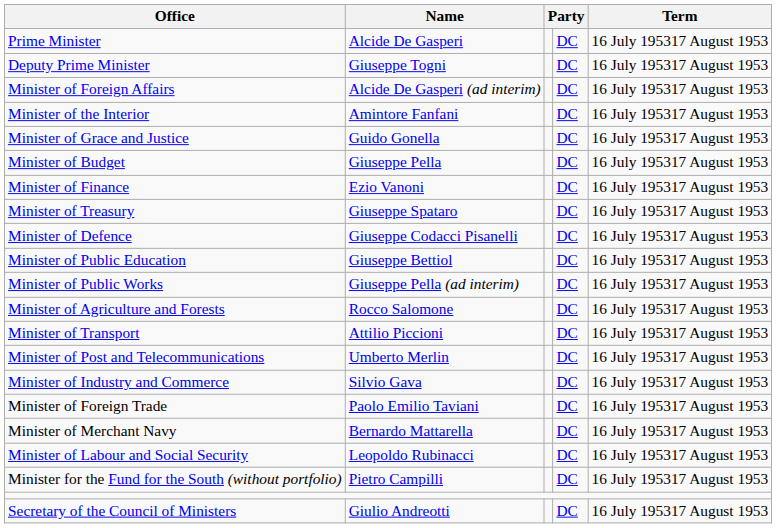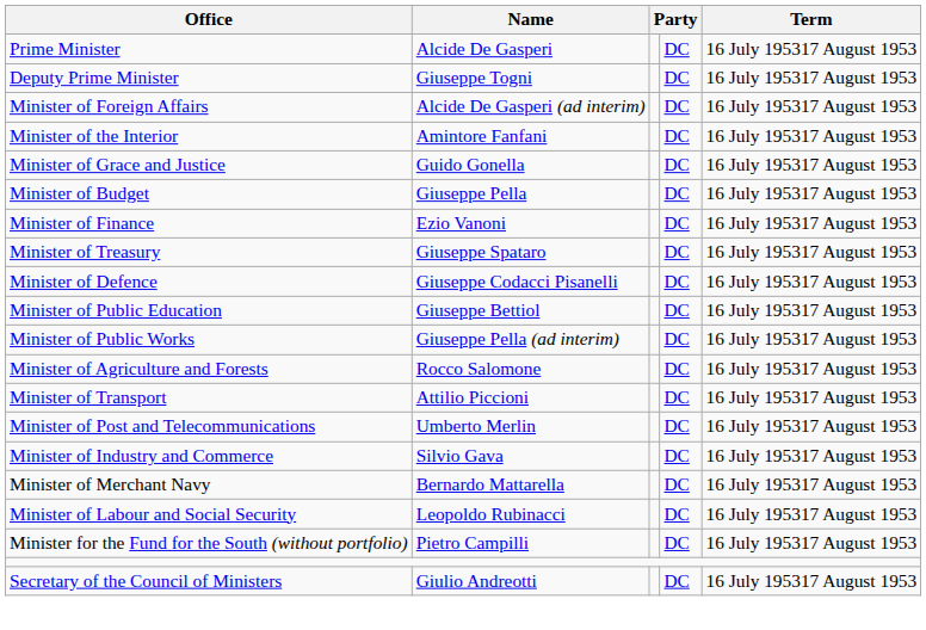 <table class="wikitable">
 <tr>
 <th>Office</th>
 <th>Name</th>
 <th colspan=2>Party</th>
 <th>Term</th>
 </tr>
 <tr>
 <td><a href='#'>Prime Minister</a></td>
 <td><a href='#'>Alcide De Gasperi</a></td>
 <td></td>
 <td><a href='#'>DC</a></td>
 <td>16 July 195317 August 1953</td>
 </tr>
 <tr>
 <td><a href='#'>Deputy Prime Minister</a></td>
 <td><a href='#'>Giuseppe Togni</a></td>
 <td></td>
 <td><a href='#'>DC</a></td>
 <td>16 July 195317 August 1953</td>
 </tr>
 <tr>
 <td><a href='#'>Minister of Foreign Affairs</a></td>
 <td><a href='#'>Alcide De Gasperi</a> <em>(ad interim)</em></td>
 <td></td>
 <td><a href='#'>DC</a></td>
 <td>16 July 195317 August 1953</td>
 </tr>
 <tr>
 <td><a href='#'>Minister of the Interior</a></td>
 <td><a href='#'>Amintore Fanfani</a></td>
 <td></td>
 <td><a href='#'>DC</a></td>
 <td>16 July 195317 August 1953</td>
 </tr>
 <tr>
 <td><a href='#'>Minister of Grace and Justice</a></td>
 <td><a href='#'>Guido Gonella</a></td>
 <td></td>
 <td><a href='#'>DC</a></td>
 <td>16 July 195317 August 1953</td>
 </tr>
 <tr>
 <td><a href='#'>Minister of Budget</a></td>
 <td><a href='#'>Giuseppe Pella</a></td>
 <td></td>
 <td><a href='#'>DC</a></td>
 <td>16 July 195317 August 1953</td>
 </tr>
 <tr>
 <td><a href='#'>Minister of Finance</a></td>
 <td><a href='#'>Ezio Vanoni</a></td>
 <td></td>
 <td><a href='#'>DC</a></td>
 <td>16 July 195317 August 1953</td>
 </tr>
 <tr>
 <td><a href='#'>Minister of Treasury</a></td>
 <td><a href='#'>Giuseppe Spataro</a></td>
 <td></td>
 <td><a href='#'>DC</a></td>
 <td>16 July 195317 August 1953</td>
 </tr>
 <tr>
 <td><a href='#'>Minister of Defence</a></td>
 <td><a href='#'>Giuseppe Codacci Pisanelli</a></td>
 <td></td>
 <td><a href='#'>DC</a></td>
 <td>16 July 195317 August 1953</td>
 </tr>
 <tr>
 <td><a href='#'>Minister of Public Education</a></td>
 <td><a href='#'>Giuseppe Bettiol</a></td>
 <td></td>
 <td><a href='#'>DC</a></td>
 <td>16 July 195317 August 1953</td>
 </tr>
 <tr>
 <td><a href='#'>Minister of Public Works</a></td>
 <td><a href='#'>Giuseppe Pella</a> <em>(ad interim)</em></td>
 <td></td>
 <td><a href='#'>DC</a></td>
 <td>16 July 195317 August 1953</td>
 </tr>
 <tr>
 <td><a href='#'>Minister of Agriculture and Forests</a></td>
 <td><a href='#'>Rocco Salomone</a></td>
 <td></td>
 <td><a href='#'>DC</a></td>
 <td>16 July 195317 August 1953</td>
 </tr>
 <tr>
 <td><a href='#'>Minister of Transport</a></td>
 <td><a href='#'>Attilio Piccioni</a></td>
 <td></td>
 <td><a href='#'>DC</a></td>
 <td>16 July 195317 August 1953</td>
 </tr>
 <tr>
 <td><a href='#'>Minister of Post and Telecommunications</a></td>
 <td><a href='#'>Umberto Merlin</a></td>
 <td></td>
 <td><a href='#'>DC</a></td>
 <td>16 July 195317 August 1953</td>
 </tr>
 <tr>
 <td><a href='#'>Minister of Industry and Commerce</a></td>
 <td><a href='#'>Silvio Gava</a></td>
 <td></td>
 <td><a href='#'>DC</a></td>
 <td>16 July 195317 August 1953</td>
 </tr>
 <tr>
-<td>Minister of Foreign Trade</td>
-<td><a href='#'>Paolo Emilio Taviani</a></td>
-<td></td>
-<td><a href='#'>DC</a></td>
-<td>16 July 195317 August 1953</td>
-</tr>
-<tr>
 <td>Minister of Merchant Navy</td>
 <td><a href='#'>Bernardo Mattarella</a></td>
 <td></td>
 <td><a href='#'>DC</a></td>
 <td>16 July 195317 August 1953</td>
 </tr>
 <tr>
 <td><a href='#'>Minister of Labour and Social Security</a></td>
 <td><a href='#'>Leopoldo Rubinacci</a></td>
 <td></td>
 <td><a href='#'>DC</a></td>
 <td>16 July 195317 August 1953</td>
 </tr>
 <tr>
 <td>Minister for the <a href='#'>Fund for the South</a> <em>(without portfolio)</em></td>
 <td><a href='#'>Pietro Campilli</a></td>
 <td></td>
 <td><a href='#'>DC</a></td>
 <td>16 July 195317 August 1953</td>
 </tr>
 <tr>
 <td colspan="5"></td>
 </tr>
 <tr>
 <td><a href='#'>Secretary of the Council of Ministers</a></td>
 <td><a href='#'>Giulio Andreotti</a></td>
 <td></td>
 <td><a href='#'>DC</a></td>
 <td>16 July 195317 August 1953</td>
 </tr>
 </table>
